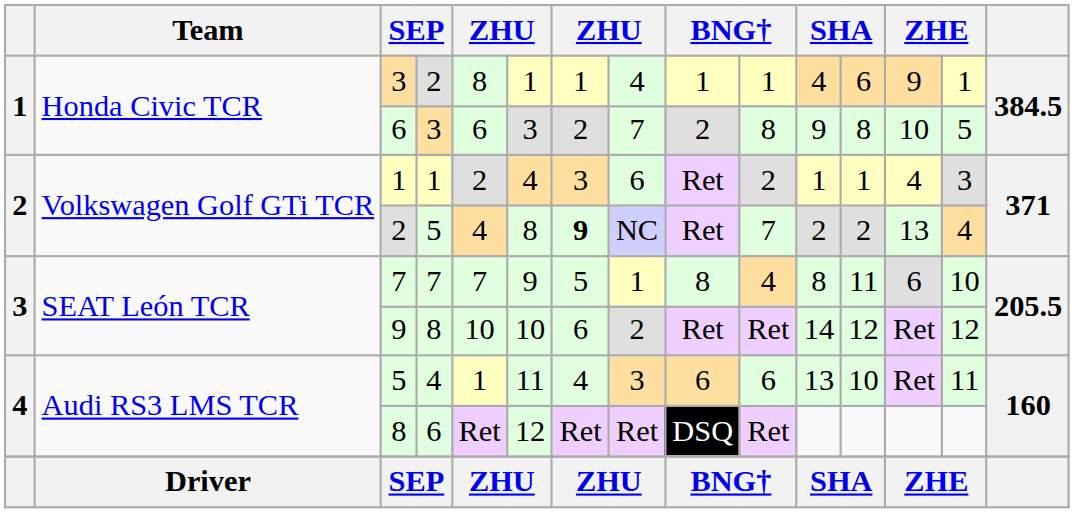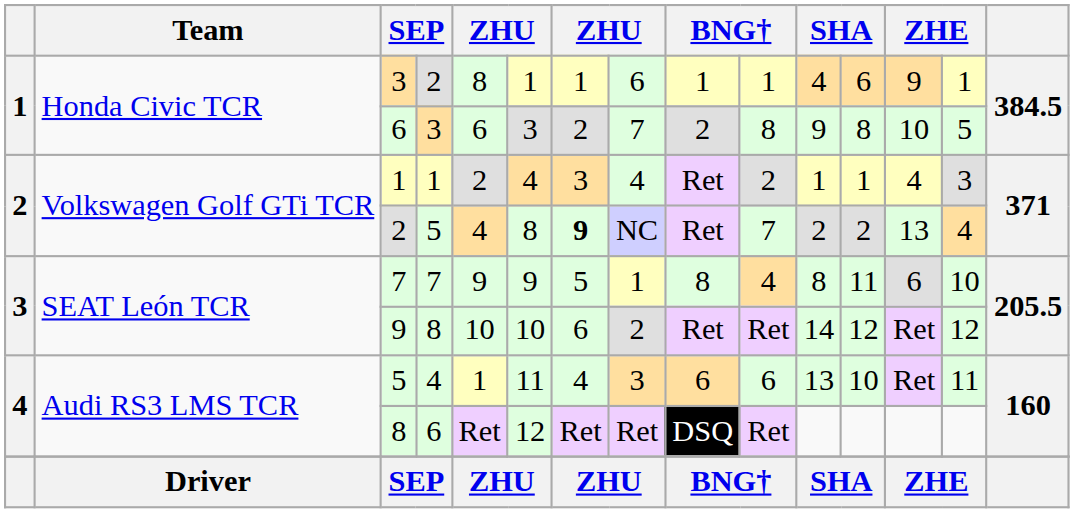 <table align=left| class="wikitable" style="font-size: 90%; text-align: center">
 <tr valign="top">
 <th valign="middle"></th>
 <th valign="middle">Team</th>
 <th colspan="2"><a href='#'>SEP</a><br></th>
 <th colspan="2"><a href='#'>ZHU</a><br></th>
 <th colspan="2"><a href='#'>ZHU</a><br></th>
 <th colspan="2"><a href='#'>BNG†</a><br></th>
 <th colspan="2"><a href='#'>SHA</a><br></th>
 <th colspan="2"><a href='#'>ZHE</a><br></th>
 <th valign="middle">  </th>
 </tr>
 <tr>
 <th rowspan="2">1</th>
 <td rowspan="2" align=left><a href='#'>Honda Civic TCR</a></td>
 <td style="background:#ffdf9f;">3</td>
 <td style="background:#dfdfdf;">2</td>
 <td style="background:#dfffdf;">8</td>
 <td style="background:#ffffbf;">1</td>
 <td style="background:#ffffbf;">1</td>
-<td style="background:#dfffdf;">4</td>
+<td style="background:#dfffdf;">6</td>
 <td style="background:#ffffbf;">1</td>
 <td style="background:#ffffbf;">1</td>
 <td style="background:#ffdf9f;">4</td>
 <td style="background:#ffdf9f;">6</td>
 <td style="background:#ffdf9f;">9</td>
 <td style="background:#ffffbf;">1</td>
 <th rowspan="2">384.5</th>
 </tr>
 <tr>
 <td style="background:#dfffdf;">6</td>
 <td style="background:#ffdf9f;">3</td>
 <td style="background:#dfffdf;">6</td>
 <td style="background:#dfdfdf;">3</td>
 <td style="background:#dfdfdf;">2</td>
 <td style="background:#dfffdf;">7</td>
 <td style="background:#dfdfdf;">2</td>
 <td style="background:#dfffdf;">8</td>
 <td style="background:#dfffdf;">9</td>
 <td style="background:#dfffdf;">8</td>
 <td style="background:#dfffdf;">10</td>
 <td style="background:#dfffdf;">5</td>
 </tr>
 <tr>
 <th rowspan="2">2</th>
 <td rowspan="2" align=left><a href='#'>Volkswagen Golf GTi TCR</a></td>
 <td style="background:#ffffbf;">1</td>
 <td style="background:#ffffbf;">1</td>
 <td style="background:#dfdfdf;">2</td>
 <td style="background:#ffdf9f;">4</td>
 <td style="background:#ffdf9f;">3</td>
-<td style="background:#dfffdf;">6</td>
+<td style="background:#dfffdf;">4</td>
 <td style="background:#efcfff;">Ret</td>
 <td style="background:#dfdfdf;">2</td>
 <td style="background:#ffffbf;">1</td>
 <td style="background:#ffffbf;">1</td>
 <td style="background:#ffffbf;">4</td>
 <td style="background:#dfdfdf;">3</td>
 <th rowspan="2">371</th>
 </tr>
 <tr>
 <td style="background:#dfdfdf;">2</td>
 <td style="background:#dfffdf;">5</td>
 <td style="background:#ffdf9f;">4</td>
 <td style="background:#dfffdf;">8</td>
 <td style="background:#dfffdf;"><strong>9</strong></td>
 <td style="background:#cfcfff;">NC</td>
 <td style="background:#efcfff;">Ret</td>
 <td style="background:#dfffdf;">7</td>
 <td style="background:#dfdfdf;">2</td>
 <td style="background:#dfdfdf;">2</td>
 <td style="background:#dfffdf;">13</td>
 <td style="background:#ffdf9f;">4</td>
 </tr>
 <tr>
 <th rowspan="2">3</th>
 <td rowspan="2" align=left><a href='#'>SEAT León TCR</a></td>
 <td style="background:#dfffdf;">7</td>
 <td style="background:#dfffdf;">7</td>
-<td style="background:#dfffdf;">7</td>
+<td style="background:#dfffdf;">9</td>
 <td style="background:#dfffdf;">9</td>
 <td style="background:#dfffdf;">5</td>
 <td style="background:#ffffbf;">1</td>
 <td style="background:#dfffdf;">8</td>
 <td style="background:#ffdf9f;">4</td>
 <td style="background:#dfffdf;">8</td>
 <td style="background:#dfffdf;">11</td>
 <td style="background:#dfdfdf;">6</td>
 <td style="background:#dfffdf;">10</td>
 <th rowspan="2">205.5</th>
 </tr>
 <tr>
 <td style="background:#dfffdf;">9</td>
 <td style="background:#dfffdf;">8</td>
 <td style="background:#dfffdf;">10</td>
 <td style="background:#dfffdf;">10</td>
 <td style="background:#dfffdf;">6</td>
 <td style="background:#dfdfdf;">2</td>
 <td style="background:#efcfff;">Ret</td>
 <td style="background:#efcfff;">Ret</td>
 <td style="background:#dfffdf;">14</td>
 <td style="background:#dfffdf;">12</td>
 <td style="background:#efcfff;">Ret</td>
 <td style="background:#dfffdf;">12</td>
 </tr>
 <tr>
 <th rowspan="2">4</th>
 <td rowspan="2" align=left><a href='#'>Audi RS3 LMS TCR</a></td>
 <td style="background:#dfffdf;">5</td>
 <td style="background:#dfffdf;">4</td>
 <td style="background:#ffffbf;">1</td>
 <td style="background:#dfffdf;">11</td>
 <td style="background:#dfffdf;">4</td>
 <td style="background:#ffdf9f;">3</td>
 <td style="background:#ffdf9f;">6</td>
 <td style="background:#dfffdf;">6</td>
 <td style="background:#dfffdf;">13</td>
 <td style="background:#dfffdf;">10</td>
 <td style="background:#efcfff;">Ret</td>
 <td style="background:#dfffdf;">11</td>
 <th rowspan="2">160</th>
 </tr>
 <tr>
 <td style="background:#dfffdf;">8</td>
 <td style="background:#dfffdf;">6</td>
 <td style="background:#efcfff;">Ret</td>
 <td style="background:#dfffdf;">12</td>
 <td style="background:#efcfff;">Ret</td>
 <td style="background:#efcfff;">Ret</td>
 <td style="background:#000000; color:white">DSQ</td>
 <td style="background:#efcfff;">Ret</td>
 <td></td>
 <td></td>
 <td></td>
 <td></td>
 </tr>
 <tr>
 </tr>
 <tr valign="top">
 <th valign="middle"></th>
 <th valign="middle">Driver</th>
 <th colspan="2"><a href='#'>SEP</a><br></th>
 <th colspan="2"><a href='#'>ZHU</a><br></th>
 <th colspan="2"><a href='#'>ZHU</a><br></th>
 <th colspan="2"><a href='#'>BNG†</a><br></th>
 <th colspan="2"><a href='#'>SHA</a><br></th>
 <th colspan="2"><a href='#'>ZHE</a><br></th>
 <th valign="middle">  </th>
 </tr>
 </table>
